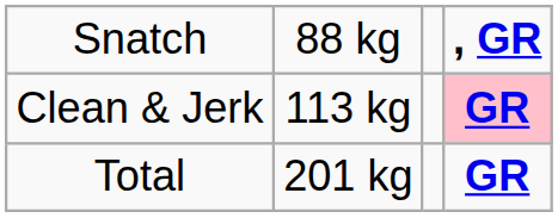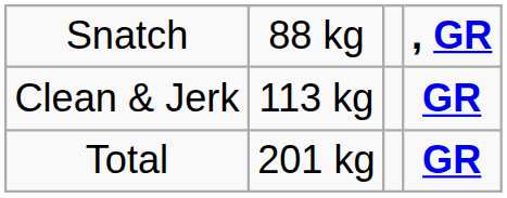 <table class = "wikitable" style="text-align:center;">
 <tr>
 <td>Snatch</td>
 <td>88 kg</td>
 <td align=left></td>
 <td><strong>, <a href='#'>GR</a></strong></td>
 </tr>
 <tr>
 <td>Clean & Jerk</td>
 <td>113 kg</td>
 <td align=left></td>
-<td style="background: pink;"><strong><a href='#'>GR</a></strong></td>
+<td><strong><a href='#'>GR</a></strong></td>
 </tr>
 <tr>
 <td>Total</td>
 <td>201 kg</td>
 <td align=left></td>
 <td><strong><a href='#'>GR</a></strong></td>
 </tr>
 </table>
